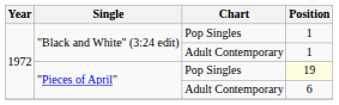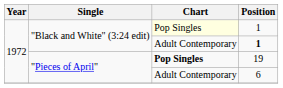 <table class="wikitable">
 <tr>
 <th>Year</th>
 <th>Single</th>
 <th>Chart</th>
 <th>Position</th>
 </tr>
 <tr>
 <td rowspan="4">1972</td>
 <td rowspan="2">"Black and White" (3:24 edit)</td>
-<td>Pop Singles</td>
+<td style="background: lightyellow;">Pop Singles</td>
 <td align="center">1</td>
 </tr>
 <tr>
 <td>Adult Contemporary</td>
-<td align="center">1</td>
+<td align="center"><strong>1</strong></td>
 </tr>
 <tr>
 <td rowspan="2">"<a href='#'>Pieces of April</a>"</td>
-<td>Pop Singles</td>
-<td align="center" style="background: lightyellow;">19</td>
+<td><strong>Pop Singles</strong></td>
+<td align="center">19</td>
 </tr>
 <tr>
 <td>Adult Contemporary</td>
 <td align="center">6</td>
 </tr>
 <tr>
 </tr>
 </table>
